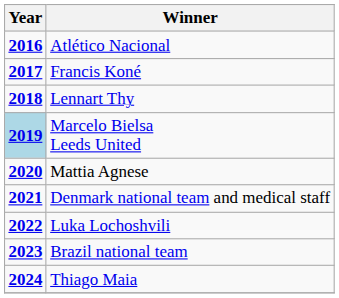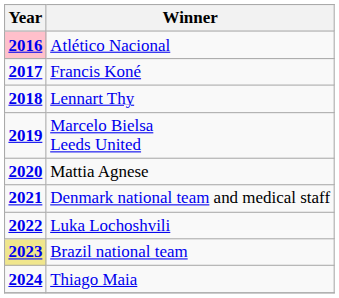 <table class="wikitable">
 <tr>
 <th>Year</th>
 <th>Winner</th>
 </tr>
 <tr>
-<td align="center"><strong><a href='#'>2016</a></strong></td>
+<td align="center" style="background: pink;"><strong><a href='#'>2016</a></strong></td>
 <td> <a href='#'>Atlético Nacional</a></td>
 </tr>
 <tr>
 <td align="center"><strong><a href='#'>2017</a></strong></td>
 <td> <a href='#'>Francis Koné</a></td>
 </tr>
 <tr>
 <td align="center"><strong><a href='#'>2018</a></strong></td>
 <td> <a href='#'>Lennart Thy</a></td>
 </tr>
 <tr>
-<td align="center" style="background: lightblue;"><strong><a href='#'>2019</a></strong></td>
+<td align="center"><strong><a href='#'>2019</a></strong></td>
 <td> <a href='#'>Marcelo Bielsa</a><br> <a href='#'>Leeds United</a></td>
 </tr>
 <tr>
 <td align="center"><strong><a href='#'>2020</a></strong></td>
 <td> Mattia Agnese</td>
 </tr>
 <tr>
 <td align="center"><strong><a href='#'>2021</a></strong></td>
 <td> <a href='#'>Denmark national team</a> and medical staff</td>
 </tr>
 <tr>
 <td align="center"><strong><a href='#'>2022</a></strong></td>
 <td> <a href='#'>Luka Lochoshvili</a></td>
 </tr>
 <tr>
-<td align="center"><strong><a href='#'>2023</a></strong></td>
+<td align="center" style="background: khaki;"><strong><a href='#'>2023</a></strong></td>
 <td> <a href='#'>Brazil national team</a></td>
 </tr>
 <tr>
 <td align="center"><strong><a href='#'>2024</a></strong></td>
 <td> <a href='#'>Thiago Maia</a></td>
 </tr>
 <tr>
 </tr>
 </table>
